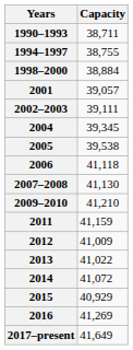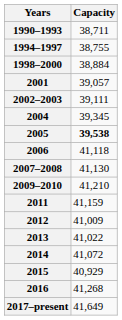 <table class="wikitable">
 <tr>
 <th scope="row">Years</th>
 <th scope="row">Capacity</th>
 </tr>
 <tr>
 <th scope="row">1990–1993</th>
 <td style="text-align:center">38,711</td>
 </tr>
 <tr>
 <th scope="row">1994–1997</th>
 <td style="text-align:center">38,755</td>
 </tr>
 <tr>
 <th scope="row">1998–2000</th>
 <td style="text-align:center">38,884</td>
 </tr>
 <tr>
 <th scope="row">2001</th>
 <td style="text-align:center">39,057</td>
 </tr>
 <tr>
 <th scope="row">2002–2003</th>
 <td style="text-align:center">39,111</td>
 </tr>
 <tr>
 <th scope="row">2004</th>
 <td style="text-align:center">39,345</td>
 </tr>
 <tr>
 <th scope="row">2005</th>
-<td style="text-align:center">39,538</td>
+<td style="text-align:center"><strong>39,538</strong></td>
 </tr>
 <tr>
 <th scope="row">2006</th>
 <td style="text-align:center">41,118</td>
 </tr>
 <tr>
 <th scope="row">2007–2008</th>
 <td style="text-align:center">41,130</td>
 </tr>
 <tr>
 <th scope="row">2009–2010</th>
 <td style="text-align:center">41,210</td>
 </tr>
 <tr>
 <th scope="row">2011</th>
 <td>41,159</td>
 </tr>
 <tr>
 <th scope="row">2012</th>
 <td>41,009</td>
 </tr>
 <tr>
 <th scope="row">2013</th>
 <td>41,022</td>
 </tr>
 <tr>
 <th scope="row">2014</th>
 <td>41,072</td>
 </tr>
 <tr>
 <th scope="row">2015</th>
 <td>40,929</td>
 </tr>
 <tr>
 <th scope="row">2016</th>
-<td>41,269</td>
+<td>41,268</td>
 </tr>
 <tr>
 <th scope="row">2017–present</th>
 <td>41,649</td>
 </tr>
 </table>
